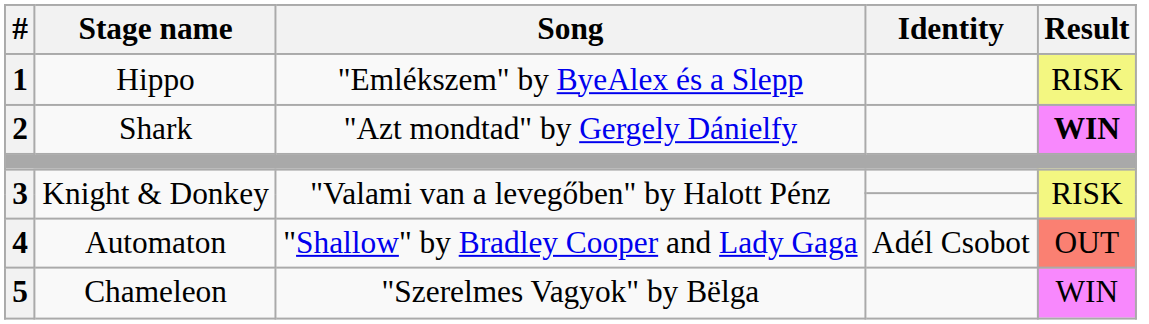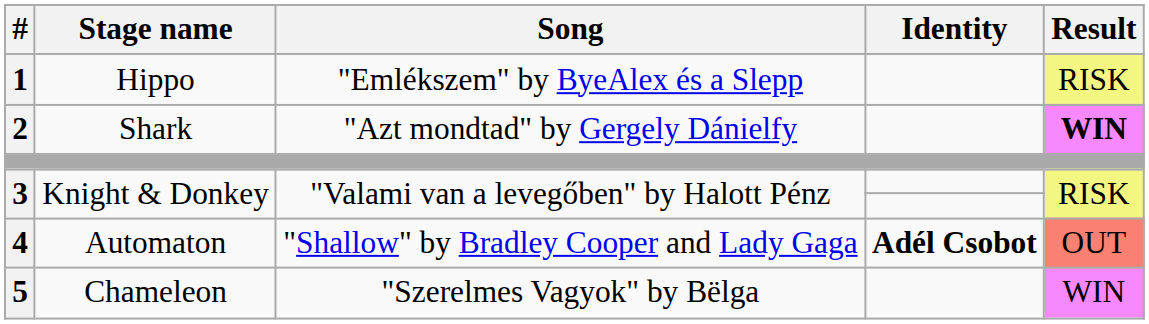 <table class="wikitable plainrowheaders" style="text-align: center">
 <tr>
 <th>#</th>
 <th>Stage name</th>
 <th>Song</th>
 <th>Identity</th>
 <th>Result</th>
 </tr>
 <tr>
 <th>1</th>
 <td>Hippo</td>
 <td>"Emlékszem" by <a href='#'>ByeAlex és a Slepp</a></td>
 <td></td>
 <td bgcolor="F3F781">RISK</td>
 </tr>
 <tr>
 <th>2</th>
 <td>Shark</td>
 <td>"Azt mondtad" by <a href='#'>Gergely Dánielfy</a></td>
 <td></td>
 <td bgcolor="F888FD"><strong>WIN</strong></td>
 </tr>
 <tr>
 <th colspan="5" style="background:darkgrey"></th>
 </tr>
 <tr>
 <th rowspan="2">3</th>
 <td rowspan="2">Knight & Donkey</td>
 <td rowspan="2">"Valami van a levegőben" by Halott Pénz</td>
 <td></td>
 <td rowspan="2" bgcolor="F3F781">RISK</td>
 </tr>
 <tr>
 <td></td>
 </tr>
 <tr>
 <th>4</th>
 <td>Automaton</td>
 <td>"<a href='#'>Shallow</a>" by <a href='#'>Bradley Cooper</a> and <a href='#'>Lady Gaga</a></td>
-<td>Adél Csobot</td>
+<td><strong>Adél Csobot</strong></td>
 <td bgcolor=salmon>OUT</td>
 </tr>
 <tr>
 <th>5</th>
 <td>Chameleon</td>
 <td>"Szerelmes Vagyok" by Bëlga</td>
 <td></td>
 <td bgcolor="F888FD">WIN</td>
 </tr>
 </table>
